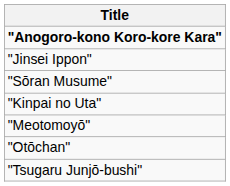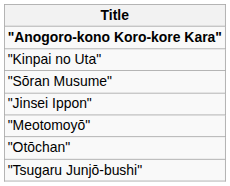 <table class="wikitable">
 <tr>
 <th>Title</th>
 </tr>
 <tr>
 <td><strong>"Anogoro-kono Koro-kore Kara"</strong></td>
 </tr>
 <tr>
-<td>"Jinsei Ippon"</td>
+<td>"Kinpai no Uta"</td>
 </tr>
 <tr>
 <td>"Sōran Musume"</td>
 </tr>
 <tr>
-<td>"Kinpai no Uta"</td>
+<td>"Jinsei Ippon"</td>
 </tr>
 <tr>
 <td>"Meotomoyō"</td>
 </tr>
 <tr>
 <td>"Otōchan"</td>
 </tr>
 <tr>
 <td>"Tsugaru Junjō-bushi"</td>
 </tr>
 </table>
